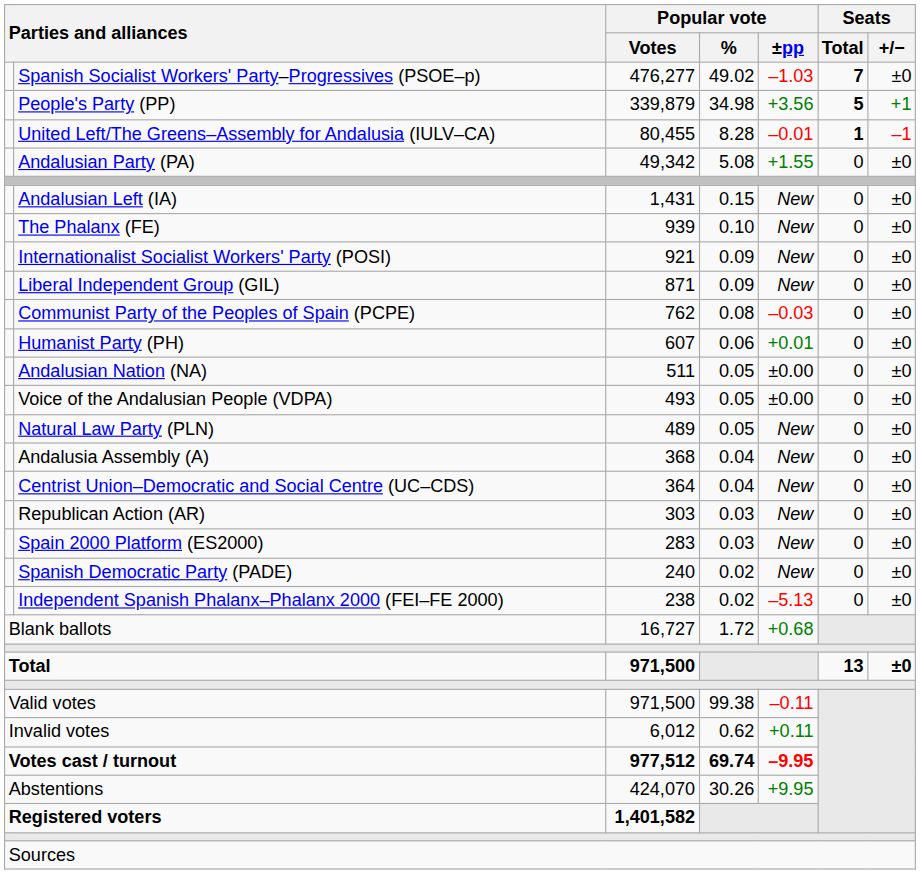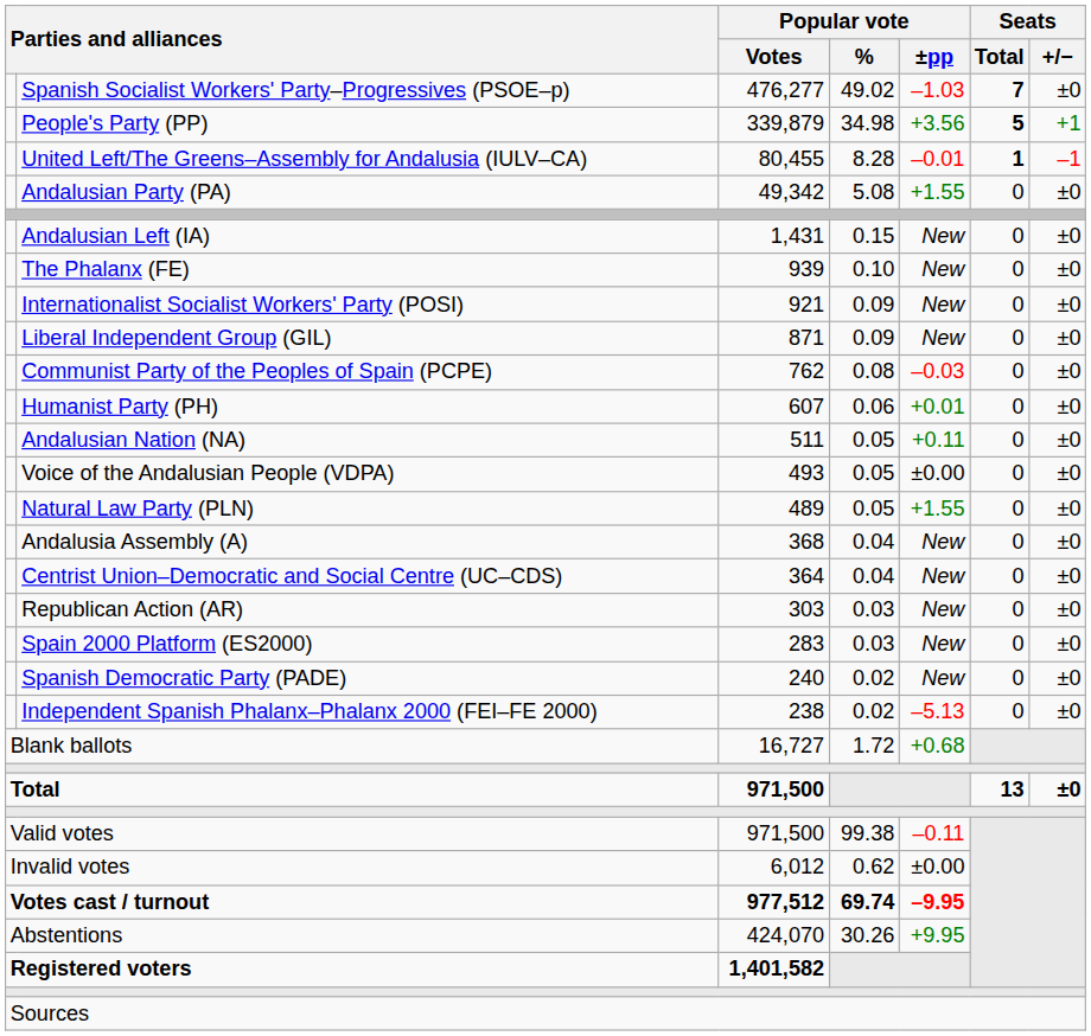 <table class="wikitable" style="text-align:right;">
 <tr>
 <th style="text-align:left;" rowspan="2" colspan="2" width="525">Parties and alliances</th>
 <th colspan="3">Popular vote</th>
 <th colspan="2">Seats</th>
 </tr>
 <tr>
 <th width="75">Votes</th>
 <th width="45">%</th>
 <th width="45">±<a href='#'>pp</a></th>
 <th width="35">Total</th>
 <th width="35">+/−</th>
 </tr>
 <tr>
 <td width="1" style="color:inherit;background:"></td>
 <td align="left"><a href='#'>Spanish Socialist Workers' Party</a>–<a href='#'>Progressives</a> (PSOE–p)</td>
 <td>476,277</td>
 <td>49.02</td>
 <td style="color:red;">–1.03</td>
 <td><strong>7</strong></td>
 <td>±0</td>
 </tr>
 <tr>
 <td style="color:inherit;background:"></td>
 <td align="left"><a href='#'>People's Party</a> (PP)</td>
 <td>339,879</td>
 <td>34.98</td>
 <td style="color:green;">+3.56</td>
 <td><strong>5</strong></td>
 <td style="color:green;">+1</td>
 </tr>
 <tr>
 <td style="color:inherit;background:"></td>
 <td align="left"><a href='#'>United Left/The Greens–Assembly for Andalusia</a> (IULV–CA)</td>
 <td>80,455</td>
 <td>8.28</td>
 <td style="color:red;">–0.01</td>
 <td><strong>1</strong></td>
 <td style="color:red;">–1</td>
 </tr>
 <tr>
 <td style="color:inherit;background:"></td>
 <td align="left"><a href='#'>Andalusian Party</a> (PA)</td>
 <td>49,342</td>
 <td>5.08</td>
 <td style="color:green;">+1.55</td>
 <td>0</td>
 <td>±0</td>
 </tr>
 <tr>
 <td colspan="7" bgcolor="#C0C0C0"></td>
 </tr>
 <tr>
 <td style="color:inherit;background:"></td>
 <td align="left"><a href='#'>Andalusian Left</a> (IA)</td>
 <td>1,431</td>
 <td>0.15</td>
 <td><em>New</em></td>
 <td>0</td>
 <td>±0</td>
 </tr>
 <tr>
 <td style="color:inherit;background:"></td>
 <td align="left"><a href='#'>The Phalanx</a> (FE)</td>
 <td>939</td>
 <td>0.10</td>
 <td><em>New</em></td>
 <td>0</td>
 <td>±0</td>
 </tr>
 <tr>
 <td style="color:inherit;background:"></td>
 <td align="left"><a href='#'>Internationalist Socialist Workers' Party</a> (POSI)</td>
 <td>921</td>
 <td>0.09</td>
 <td><em>New</em></td>
 <td>0</td>
 <td>±0</td>
 </tr>
 <tr>
 <td style="color:inherit;background:"></td>
 <td align="left"><a href='#'>Liberal Independent Group</a> (GIL)</td>
 <td>871</td>
 <td>0.09</td>
 <td><em>New</em></td>
 <td>0</td>
 <td>±0</td>
 </tr>
 <tr>
 <td style="color:inherit;background:"></td>
 <td align="left"><a href='#'>Communist Party of the Peoples of Spain</a> (PCPE)</td>
 <td>762</td>
 <td>0.08</td>
 <td style="color:red;">–0.03</td>
 <td>0</td>
 <td>±0</td>
 </tr>
 <tr>
 <td style="color:inherit;background:"></td>
 <td align="left"><a href='#'>Humanist Party</a> (PH)</td>
 <td>607</td>
 <td>0.06</td>
 <td style="color:green;">+0.01</td>
 <td>0</td>
 <td>±0</td>
 </tr>
 <tr>
 <td style="color:inherit;background:"></td>
 <td align="left"><a href='#'>Andalusian Nation</a> (NA)</td>
 <td>511</td>
 <td>0.05</td>
-<td>±0.00</td>
+<td style="color:green;">+0.11</td>
 <td>0</td>
 <td>±0</td>
 </tr>
 <tr>
 <td style="color:inherit;background:"></td>
 <td align="left">Voice of the Andalusian People (VDPA)</td>
 <td>493</td>
 <td>0.05</td>
 <td>±0.00</td>
 <td>0</td>
 <td>±0</td>
 </tr>
 <tr>
 <td style="color:inherit;background:"></td>
 <td align="left"><a href='#'>Natural Law Party</a> (PLN)</td>
 <td>489</td>
 <td>0.05</td>
-<td><em>New</em></td>
+<td style="color:green;">+1.55</td>
 <td>0</td>
 <td>±0</td>
 </tr>
 <tr>
 <td style="color:inherit;background:"></td>
 <td align="left">Andalusia Assembly (A)</td>
 <td>368</td>
 <td>0.04</td>
 <td><em>New</em></td>
 <td>0</td>
 <td>±0</td>
 </tr>
 <tr>
 <td style="color:inherit;background:"></td>
 <td align="left"><a href='#'>Centrist Union–Democratic and Social Centre</a> (UC–CDS)</td>
 <td>364</td>
 <td>0.04</td>
 <td><em>New</em></td>
 <td>0</td>
 <td>±0</td>
 </tr>
 <tr>
 <td style="color:inherit;background:"></td>
 <td align="left">Republican Action (AR)</td>
 <td>303</td>
 <td>0.03</td>
 <td><em>New</em></td>
 <td>0</td>
 <td>±0</td>
 </tr>
 <tr>
 <td style="color:inherit;background:"></td>
 <td align="left"><a href='#'>Spain 2000 Platform</a> (ES2000)</td>
 <td>283</td>
 <td>0.03</td>
 <td><em>New</em></td>
 <td>0</td>
 <td>±0</td>
 </tr>
 <tr>
 <td style="color:inherit;background:"></td>
 <td align="left"><a href='#'>Spanish Democratic Party</a> (PADE)</td>
 <td>240</td>
 <td>0.02</td>
 <td><em>New</em></td>
 <td>0</td>
 <td>±0</td>
 </tr>
 <tr>
 <td style="color:inherit;background:"></td>
 <td align="left"><a href='#'>Independent Spanish Phalanx–Phalanx 2000</a> (FEI–FE 2000)</td>
 <td>238</td>
 <td>0.02</td>
 <td style="color:red;">–5.13</td>
 <td>0</td>
 <td>±0</td>
 </tr>
 <tr>
 <td align="left" colspan="2">Blank ballots</td>
 <td>16,727</td>
 <td>1.72</td>
 <td style="color:green;">+0.68</td>
 <td bgcolor="#E9E9E9" colspan="2"></td>
 </tr>
 <tr>
 <td colspan="7" bgcolor="#E9E9E9"></td>
 </tr>
 <tr style="font-weight:bold;">
 <td align="left" colspan="2">Total</td>
 <td>971,500</td>
 <td bgcolor="#E9E9E9" colspan="2"></td>
 <td>13</td>
 <td>±0</td>
 </tr>
 <tr>
 <td colspan="7" bgcolor="#E9E9E9"></td>
 </tr>
 <tr>
 <td align="left" colspan="2">Valid votes</td>
 <td>971,500</td>
 <td>99.38</td>
 <td style="color:red;">–0.11</td>
 <td bgcolor="#E9E9E9" colspan="2" rowspan="5"></td>
 </tr>
 <tr>
 <td align="left" colspan="2">Invalid votes</td>
 <td>6,012</td>
 <td>0.62</td>
-<td style="color:green;">+0.11</td>
+<td>±0.00</td>
 </tr>
 <tr style="font-weight:bold;">
 <td align="left" colspan="2">Votes cast / turnout</td>
 <td>977,512</td>
 <td>69.74</td>
 <td style="color:red;">–9.95</td>
 </tr>
 <tr>
 <td align="left" colspan="2">Abstentions</td>
 <td>424,070</td>
 <td>30.26</td>
 <td style="color:green;">+9.95</td>
 </tr>
 <tr style="font-weight:bold;">
 <td align="left" colspan="2">Registered voters</td>
 <td>1,401,582</td>
 <td bgcolor="#E9E9E9" colspan="2"></td>
 </tr>
 <tr>
 <td colspan="7" bgcolor="#E9E9E9"></td>
 </tr>
 <tr>
 <td align="left" colspan="7">Sources</td>
 </tr>
 </table>
